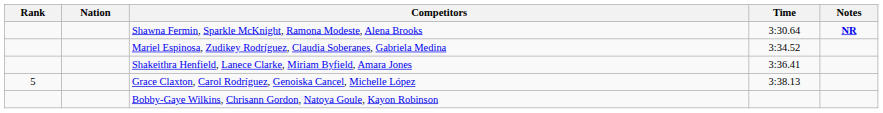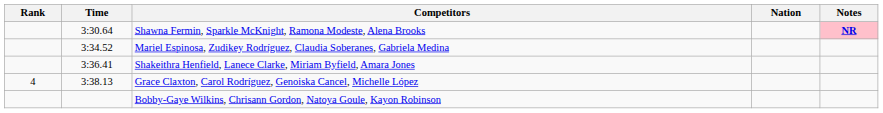 <table class="wikitable sortable" width=80% style="text-align:center; font-size:95%">
 <tr>
 <th>Rank</th>
+<th>Time</th>
+<th>Competitors</th>
 <th>Nation</th>
-<th>Competitors</th>
-<th>Time</th>
 <th>Notes</th>
 </tr>
 <tr>
 <td></td>
+<td>3:30.64</td>
+<td align=left><a href='#'>Shawna Fermin</a>, <a href='#'>Sparkle McKnight</a>, <a href='#'>Ramona Modeste</a>, <a href='#'>Alena Brooks</a></td>
 <td align=left></td>
-<td align=left><a href='#'>Shawna Fermin</a>, <a href='#'>Sparkle McKnight</a>, <a href='#'>Ramona Modeste</a>, <a href='#'>Alena Brooks</a></td>
-<td>3:30.64</td>
-<td><strong><a href='#'>NR</a></strong></td>
+<td style="background: pink;"><strong><a href='#'>NR</a></strong></td>
 </tr>
 <tr>
 <td></td>
+<td>3:34.52</td>
+<td align=left><a href='#'>Mariel Espinosa</a>, <a href='#'>Zudikey Rodríguez</a>, <a href='#'>Claudia Soberanes</a>, <a href='#'>Gabriela Medina</a></td>
 <td align=left></td>
-<td align=left><a href='#'>Mariel Espinosa</a>, <a href='#'>Zudikey Rodríguez</a>, <a href='#'>Claudia Soberanes</a>, <a href='#'>Gabriela Medina</a></td>
-<td>3:34.52</td>
 <td></td>
 </tr>
 <tr>
 <td></td>
+<td>3:36.41</td>
+<td align=left><a href='#'>Shakeithra Henfield</a>, <a href='#'>Lanece Clarke</a>, <a href='#'>Miriam Byfield</a>, <a href='#'>Amara Jones</a></td>
 <td align=left></td>
-<td align=left><a href='#'>Shakeithra Henfield</a>, <a href='#'>Lanece Clarke</a>, <a href='#'>Miriam Byfield</a>, <a href='#'>Amara Jones</a></td>
-<td>3:36.41</td>
 <td></td>
 </tr>
 <tr>
-<td>5</td>
+<td>4</td>
+<td>3:38.13</td>
+<td align=left><a href='#'>Grace Claxton</a>, <a href='#'>Carol Rodríguez</a>, <a href='#'>Genoiska Cancel</a>, <a href='#'>Michelle López</a></td>
 <td align=left></td>
-<td align=left><a href='#'>Grace Claxton</a>, <a href='#'>Carol Rodríguez</a>, <a href='#'>Genoiska Cancel</a>, <a href='#'>Michelle López</a></td>
-<td>3:38.13</td>
 <td></td>
 </tr>
 <tr>
 <td></td>
+<td></td>
+<td align=left><a href='#'>Bobby-Gaye Wilkins</a>, <a href='#'>Chrisann Gordon</a>, <a href='#'>Natoya Goule</a>, <a href='#'>Kayon Robinson</a></td>
 <td align=left></td>
-<td align=left><a href='#'>Bobby-Gaye Wilkins</a>, <a href='#'>Chrisann Gordon</a>, <a href='#'>Natoya Goule</a>, <a href='#'>Kayon Robinson</a></td>
-<td></td>
 <td></td>
 </tr>
 </table>
